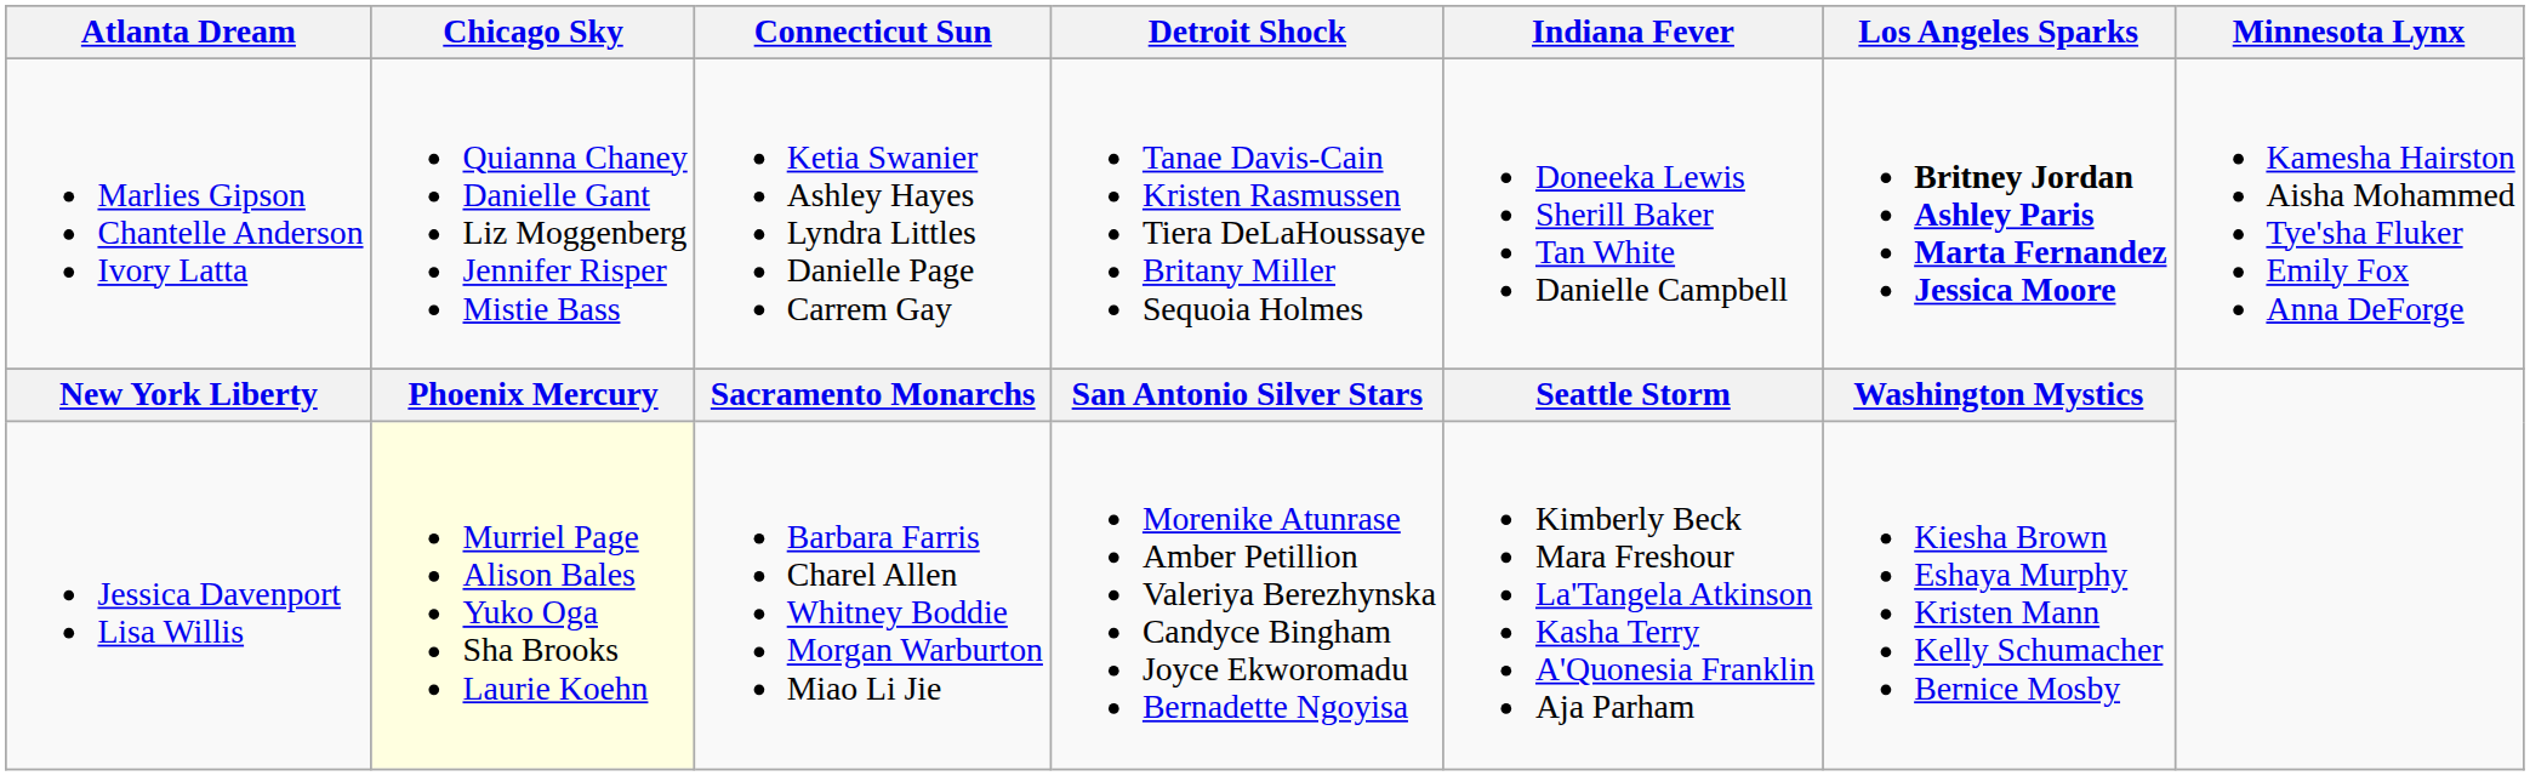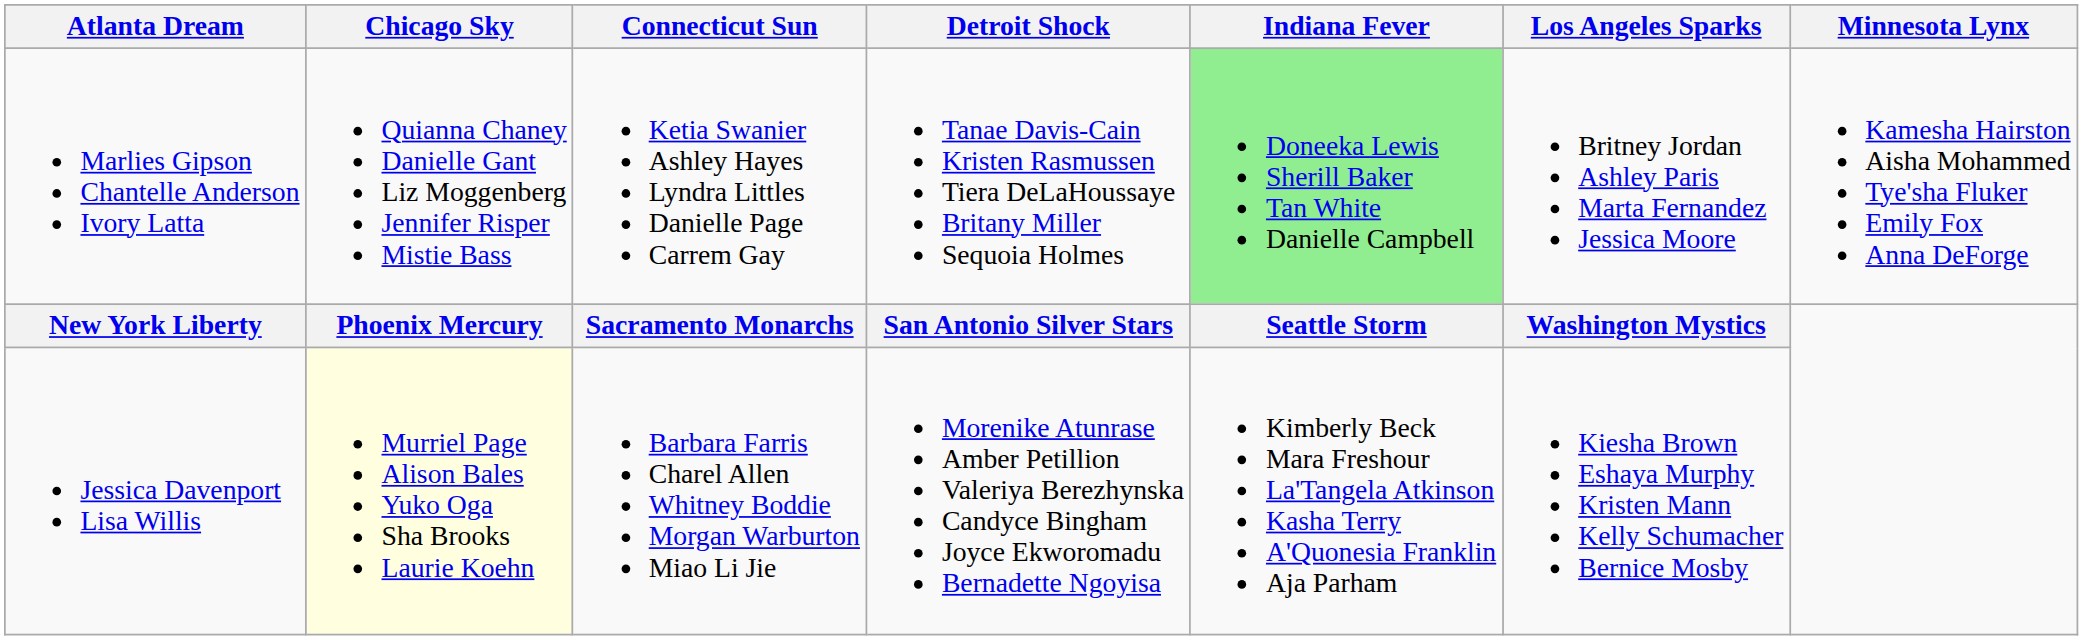 <table class="wikitable">
 <tr>
 <th><a href='#'>Atlanta Dream</a></th>
 <th><a href='#'>Chicago Sky</a></th>
 <th><a href='#'>Connecticut Sun</a></th>
 <th><a href='#'>Detroit Shock</a></th>
 <th><a href='#'>Indiana Fever</a></th>
 <th><a href='#'>Los Angeles Sparks</a></th>
 <th><a href='#'>Minnesota Lynx</a></th>
 </tr>
 <tr>
 <td><br><ul><li><a href='#'>Marlies Gipson</a></li><li><a href='#'>Chantelle Anderson</a></li><li><a href='#'>Ivory Latta</a></li></ul></td>
 <td><br><ul><li><a href='#'>Quianna Chaney</a></li><li><a href='#'>Danielle Gant</a></li><li>Liz Moggenberg</li><li><a href='#'>Jennifer Risper</a></li><li><a href='#'>Mistie Bass</a></li></ul></td>
 <td><br><ul><li><a href='#'>Ketia Swanier</a></li><li>Ashley Hayes</li><li>Lyndra Littles</li><li>Danielle Page</li><li>Carrem Gay</li></ul></td>
 <td><br><ul><li><a href='#'>Tanae Davis-Cain</a></li><li><a href='#'>Kristen Rasmussen</a></li><li>Tiera DeLaHoussaye</li><li><a href='#'>Britany Miller</a></li><li>Sequoia Holmes</li></ul></td>
-<td><br><ul><li><a href='#'>Doneeka Lewis</a></li><li><a href='#'>Sherill Baker</a></li><li><a href='#'>Tan White</a></li><li>Danielle Campbell</li></ul></td>
-<td><strong><br><ul><li>Britney Jordan</li><li><a href='#'>Ashley Paris</a></li><li><a href='#'>Marta Fernandez</a></li><li><a href='#'>Jessica Moore</a></li></ul></strong></td>
+<td style="background: lightgreen;"><br><ul><li><a href='#'>Doneeka Lewis</a></li><li><a href='#'>Sherill Baker</a></li><li><a href='#'>Tan White</a></li><li>Danielle Campbell</li></ul></td>
+<td><br><ul><li>Britney Jordan</li><li><a href='#'>Ashley Paris</a></li><li><a href='#'>Marta Fernandez</a></li><li><a href='#'>Jessica Moore</a></li></ul></td>
 <td><br><ul><li><a href='#'>Kamesha Hairston</a></li><li>Aisha Mohammed</li><li><a href='#'>Tye'sha Fluker</a></li><li><a href='#'>Emily Fox</a></li><li><a href='#'>Anna DeForge</a></li></ul></td>
 </tr>
 <tr>
 <th><a href='#'>New York Liberty</a></th>
 <th><a href='#'>Phoenix Mercury</a></th>
 <th><a href='#'>Sacramento Monarchs</a></th>
 <th><a href='#'>San Antonio Silver Stars</a></th>
 <th><a href='#'>Seattle Storm</a></th>
 <th><a href='#'>Washington Mystics</a></th>
 </tr>
 <tr>
 <td><br><ul><li><a href='#'>Jessica Davenport</a></li><li><a href='#'>Lisa Willis</a></li></ul></td>
 <td style="background: lightyellow;"><br><ul><li><a href='#'>Murriel Page</a></li><li><a href='#'>Alison Bales</a></li><li><a href='#'>Yuko Oga</a></li><li>Sha Brooks</li><li><a href='#'>Laurie Koehn</a></li></ul></td>
 <td><br><ul><li><a href='#'>Barbara Farris</a></li><li>Charel Allen</li><li><a href='#'>Whitney Boddie</a></li><li><a href='#'>Morgan Warburton</a></li><li>Miao Li Jie</li></ul></td>
 <td><br><ul><li><a href='#'>Morenike Atunrase</a></li><li>Amber Petillion</li><li>Valeriya Berezhynska</li><li>Candyce Bingham</li><li>Joyce Ekworomadu</li><li><a href='#'>Bernadette Ngoyisa</a></li></ul></td>
 <td><br><ul><li>Kimberly Beck</li><li>Mara Freshour</li><li><a href='#'>La'Tangela Atkinson</a></li><li><a href='#'>Kasha Terry</a></li><li><a href='#'>A'Quonesia Franklin</a></li><li>Aja Parham</li></ul></td>
 <td><br><ul><li><a href='#'>Kiesha Brown</a></li><li><a href='#'>Eshaya Murphy</a></li><li><a href='#'>Kristen Mann</a></li><li><a href='#'>Kelly Schumacher</a></li><li><a href='#'>Bernice Mosby</a></li></ul></td>
 </tr>
 </table>
